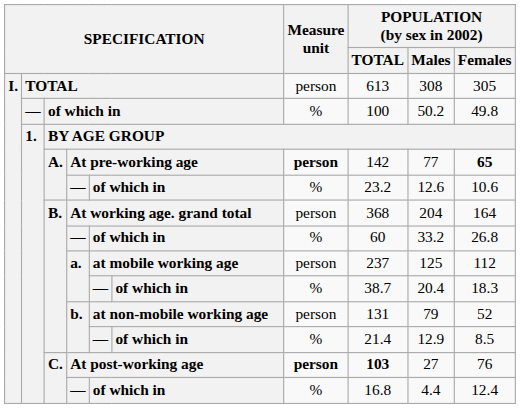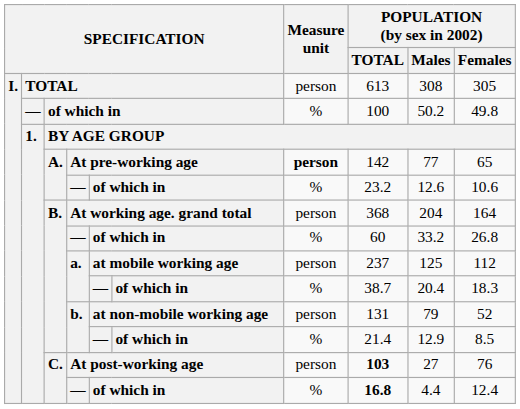 <table class="wikitable" style="font-size:85%; text-align:center">
 <tr>
 <th rowspan="2" colspan="6">SPECIFICATION</th>
 <th rowspan="2">Measure<br> unit</th>
 <th colspan="3" rowspan="1">POPULATION<br> (by sex in 2002)</th>
 </tr>
 <tr>
 <th>TOTAL</th>
 <th>Males</th>
 <th>Females</th>
 </tr>
 <tr>
 <th style="text-align:left" valign="top" rowspan="13">I.</th>
 <th style="text-align:left" colspan="5">TOTAL</th>
 <td>person</td>
 <td>613</td>
 <td>308</td>
 <td>305</td>
 </tr>
 <tr>
 <th style="text-align:left" valign="top">—</th>
 <th style="text-align:left" colspan="4">of which in</th>
 <td>%</td>
 <td>100</td>
 <td>50.2</td>
 <td>49.8</td>
 </tr>
 <tr>
 <th style="text-align:left" valign="top" rowspan="11">1.</th>
 <th style="text-align:left" colspan="19">BY AGE GROUP</th>
 </tr>
 <tr>
 <th style="text-align:left" valign="top" rowspan="2">A.</th>
 <th style="text-align:left" colspan="3">At pre-working age</th>
 <td><strong>person</strong></td>
 <td>142</td>
 <td>77</td>
-<td><strong>65</strong></td>
+<td>65</td>
 </tr>
 <tr>
 <th style="text-align:left" valign="top">—</th>
 <th style="text-align:left" valign="top" colspan="2">of which in</th>
 <td>%</td>
 <td>23.2</td>
 <td>12.6</td>
 <td>10.6</td>
 </tr>
 <tr>
 <th style="text-align:left" valign="top" rowspan="6">B.</th>
 <th style="text-align:left" colspan="3">At working age. grand total</th>
 <td>person</td>
 <td>368</td>
 <td>204</td>
 <td>164</td>
 </tr>
 <tr>
 <th style="text-align:left" valign="top">—</th>
 <th style="text-align:left" valign="top" colspan="2">of which in</th>
 <td>%</td>
 <td>60</td>
 <td>33.2</td>
 <td>26.8</td>
 </tr>
 <tr>
 <th style="text-align:left" valign="top" rowspan="2">a.</th>
 <th style="text-align:left" colspan="2">at mobile working age</th>
 <td>person</td>
 <td>237</td>
 <td>125</td>
 <td>112</td>
 </tr>
 <tr>
 <th style="text-align:left" valign="top">—</th>
 <th style="text-align:left" valign="top" colspan="1">of which in                        </th>
 <td>%</td>
 <td>38.7</td>
 <td>20.4</td>
 <td>18.3</td>
 </tr>
 <tr>
 <th style="text-align:left" valign="top" rowspan="2">b.</th>
 <th style="text-align:left" colspan="2">at non-mobile working age</th>
 <td>person</td>
 <td>131</td>
 <td>79</td>
 <td>52</td>
 </tr>
 <tr>
 <th style="text-align:left" valign="top">—</th>
 <th style="text-align:left" valign="top" colspan="1">of which in                        </th>
 <td>%</td>
 <td>21.4</td>
 <td>12.9</td>
 <td>8.5</td>
 </tr>
 <tr>
 <th style="text-align:left" valign="top" rowspan="2">C.</th>
 <th style="text-align:left" colspan="3">At post-working age</th>
-<td><strong>person</strong></td>
+<td>person</td>
 <td><strong>103</strong></td>
 <td>27</td>
 <td>76</td>
 </tr>
 <tr>
 <th style="text-align:left" valign="top">—</th>
 <th style="text-align:left" valign="top" colspan="2">of which in</th>
 <td>%</td>
-<td>16.8</td>
+<td><strong>16.8</strong></td>
 <td>4.4</td>
 <td>12.4</td>
 </tr>
 </table>
